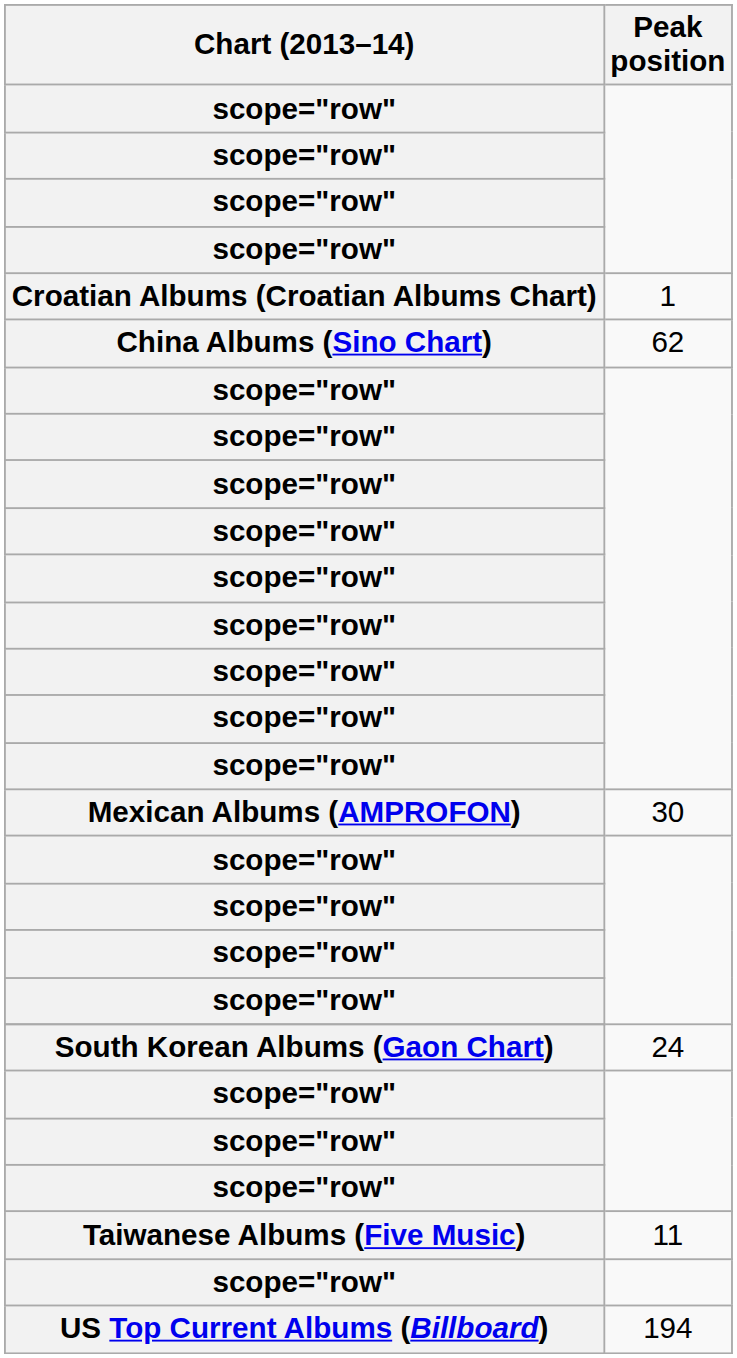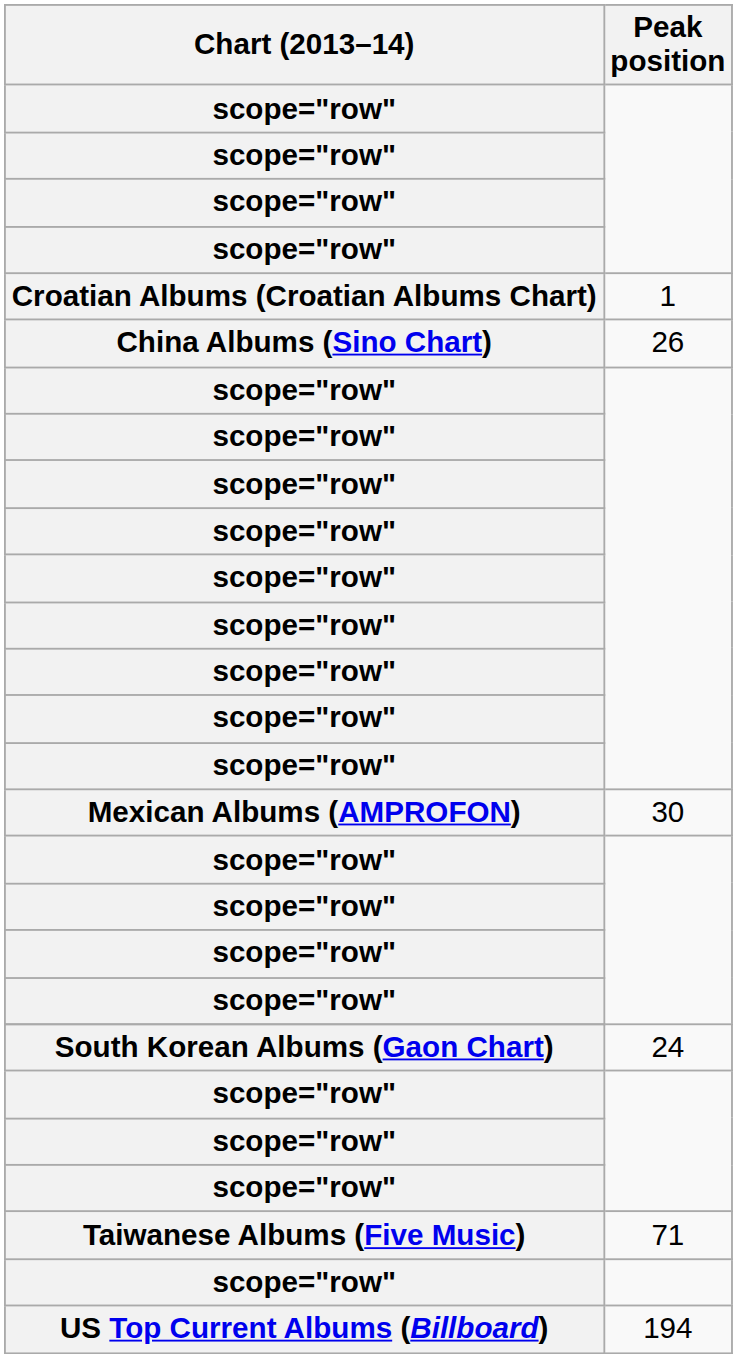 <table class="wikitable sortable plainrowheaders">
 <tr>
 <th scope="col">Chart (2013–14)</th>
 <th scope="col">Peak<br>position</th>
 </tr>
 <tr>
 <th>scope="row"</th>
 </tr>
 <tr>
 <th>scope="row"</th>
 </tr>
 <tr>
 <th>scope="row"</th>
 </tr>
 <tr>
 <th>scope="row"</th>
 </tr>
 <tr>
 <th scope="row">Croatian Albums (Croatian Albums Chart)</th>
 <td style="text-align:center;">1</td>
 </tr>
 <tr>
 <th scope="row">China Albums (<a href='#'>Sino Chart</a>)</th>
-<td style="text-align:center;">62</td>
+<td style="text-align:center;">26</td>
 </tr>
 <tr>
 <th>scope="row"</th>
 </tr>
 <tr>
 <th>scope="row"</th>
 </tr>
 <tr>
 <th>scope="row"</th>
 </tr>
 <tr>
 <th>scope="row"</th>
 </tr>
 <tr>
 <th>scope="row"</th>
 </tr>
 <tr>
 <th>scope="row"</th>
 </tr>
 <tr>
 <th>scope="row"</th>
 </tr>
 <tr>
 <th>scope="row"</th>
 </tr>
 <tr>
 <th>scope="row"</th>
 </tr>
 <tr>
 <th scope="row">Mexican Albums (<a href='#'>AMPROFON</a>)</th>
 <td style="text-align:center;">30</td>
 </tr>
 <tr>
 <th>scope="row"</th>
 </tr>
 <tr>
 <th>scope="row"</th>
 </tr>
 <tr>
 <th>scope="row"</th>
 </tr>
 <tr>
 <th>scope="row"</th>
 </tr>
 <tr>
 </tr>
 <tr>
 <th scope="row">South Korean Albums (<a href='#'>Gaon Chart</a>)</th>
 <td style="text-align:center;">24</td>
 </tr>
 <tr>
 <th>scope="row"</th>
 </tr>
 <tr>
 <th>scope="row"</th>
 </tr>
 <tr>
 <th>scope="row"</th>
 </tr>
 <tr>
 <th scope="row">Taiwanese Albums (<a href='#'>Five Music</a>)</th>
-<td style="text-align:center;">11</td>
+<td style="text-align:center;">71</td>
 </tr>
 <tr>
 <th>scope="row"</th>
 </tr>
 <tr>
 <th scope="row">US <a href='#'>Top Current Albums</a> (<em><a href='#'>Billboard</a></em>)</th>
 <td align=center>194</td>
 </tr>
 <tr>
 </tr>
 </table>
